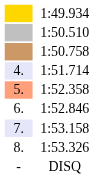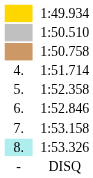 <table style="text-align:center">
 <tr>
 <td width=30 bgcolor=gold></td>
 <td align=left></td>
 <td width=60>1:49.934</td>
 </tr>
 <tr>
 <td bgcolor=silver></td>
 <td align=left></td>
 <td>1:50.510</td>
 </tr>
 <tr>
 <td bgcolor=cc9966></td>
 <td align=left></td>
 <td>1:50.758</td>
 </tr>
 <tr>
-<td style="background: lavender;">4.</td>
+<td>4.</td>
 <td align=left></td>
 <td>1:51.714</td>
 </tr>
 <tr>
-<td style="background: lightsalmon;">5.</td>
+<td>5.</td>
 <td align=left></td>
 <td>1:52.358</td>
 </tr>
 <tr>
 <td>6.</td>
 <td align=left></td>
 <td>1:52.846</td>
 </tr>
 <tr>
-<td style="background: lavender;">7.</td>
+<td>7.</td>
 <td align=left></td>
 <td>1:53.158</td>
 </tr>
 <tr>
-<td>8.</td>
+<td style="background: paleturquoise;">8.</td>
 <td align=left></td>
 <td>1:53.326</td>
 </tr>
 <tr>
 <td>-</td>
 <td align=left></td>
 <td>DISQ</td>
 </tr>
 </table>
